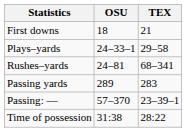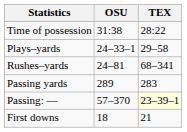 <table class="wikitable" style="float:left">
 <tr>
 <th>Statistics</th>
 <th>OSU</th>
 <th>TEX</th>
 </tr>
 <tr>
-<td>First downs</td>
-<td>18</td>
-<td>21</td>
+<td>Time of possession</td>
+<td>31:38</td>
+<td>28:22</td>
 </tr>
 <tr>
 <td>Plays–yards</td>
 <td>24–33–1</td>
 <td>29–58</td>
 </tr>
 <tr>
 <td>Rushes–yards</td>
 <td>24–81</td>
 <td>68–341</td>
 </tr>
 <tr>
 <td>Passing yards</td>
 <td>289</td>
 <td>283</td>
 </tr>
 <tr>
 <td>Passing: ––</td>
 <td>57–370</td>
-<td>23–39–1</td>
+<td style="background: lightyellow;">23–39–1</td>
 </tr>
 <tr>
-<td>Time of possession</td>
-<td>31:38</td>
-<td>28:22</td>
+<td>First downs</td>
+<td>18</td>
+<td>21</td>
 </tr>
 </table>
